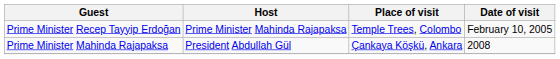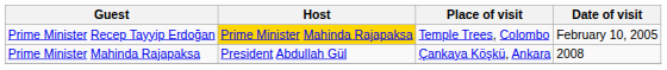 <table class="wikitable" border="1">
 <tr>
 <th>Guest</th>
 <th>Host</th>
 <th>Place of visit</th>
 <th>Date of visit</th>
 </tr>
 <tr>
 <td> <a href='#'>Prime Minister</a> <a href='#'>Recep Tayyip Erdoğan</a></td>
-<td> <a href='#'>Prime Minister</a> <a href='#'>Mahinda Rajapaksa</a></td>
+<td style="background: gold;"> <a href='#'>Prime Minister</a> <a href='#'>Mahinda Rajapaksa</a></td>
 <td><a href='#'>Temple Trees</a>, <a href='#'>Colombo</a></td>
 <td>February 10, 2005</td>
 </tr>
 <tr>
 <td> <a href='#'>Prime Minister</a> <a href='#'>Mahinda Rajapaksa</a></td>
 <td> <a href='#'>President</a> <a href='#'>Abdullah Gül</a></td>
 <td><a href='#'>Çankaya Köşkü</a>, <a href='#'>Ankara</a></td>
 <td>2008</td>
 </tr>
 <tr>
 </tr>
 </table>
